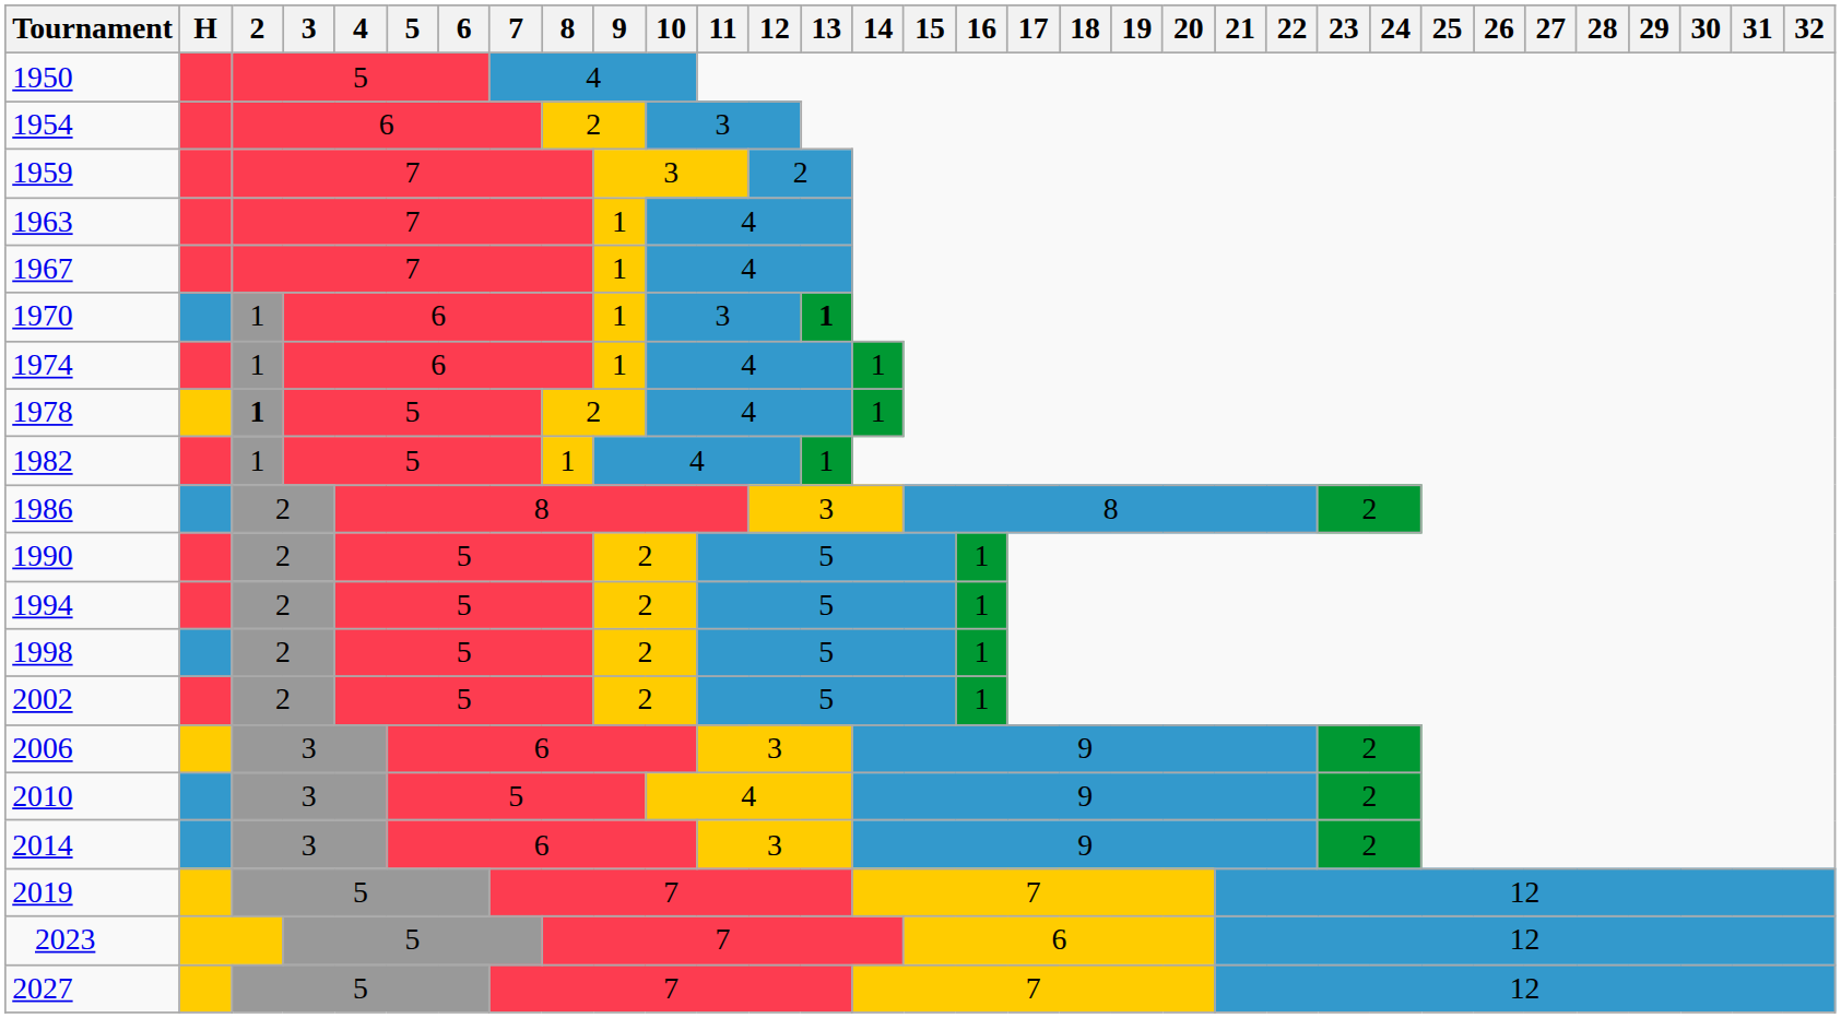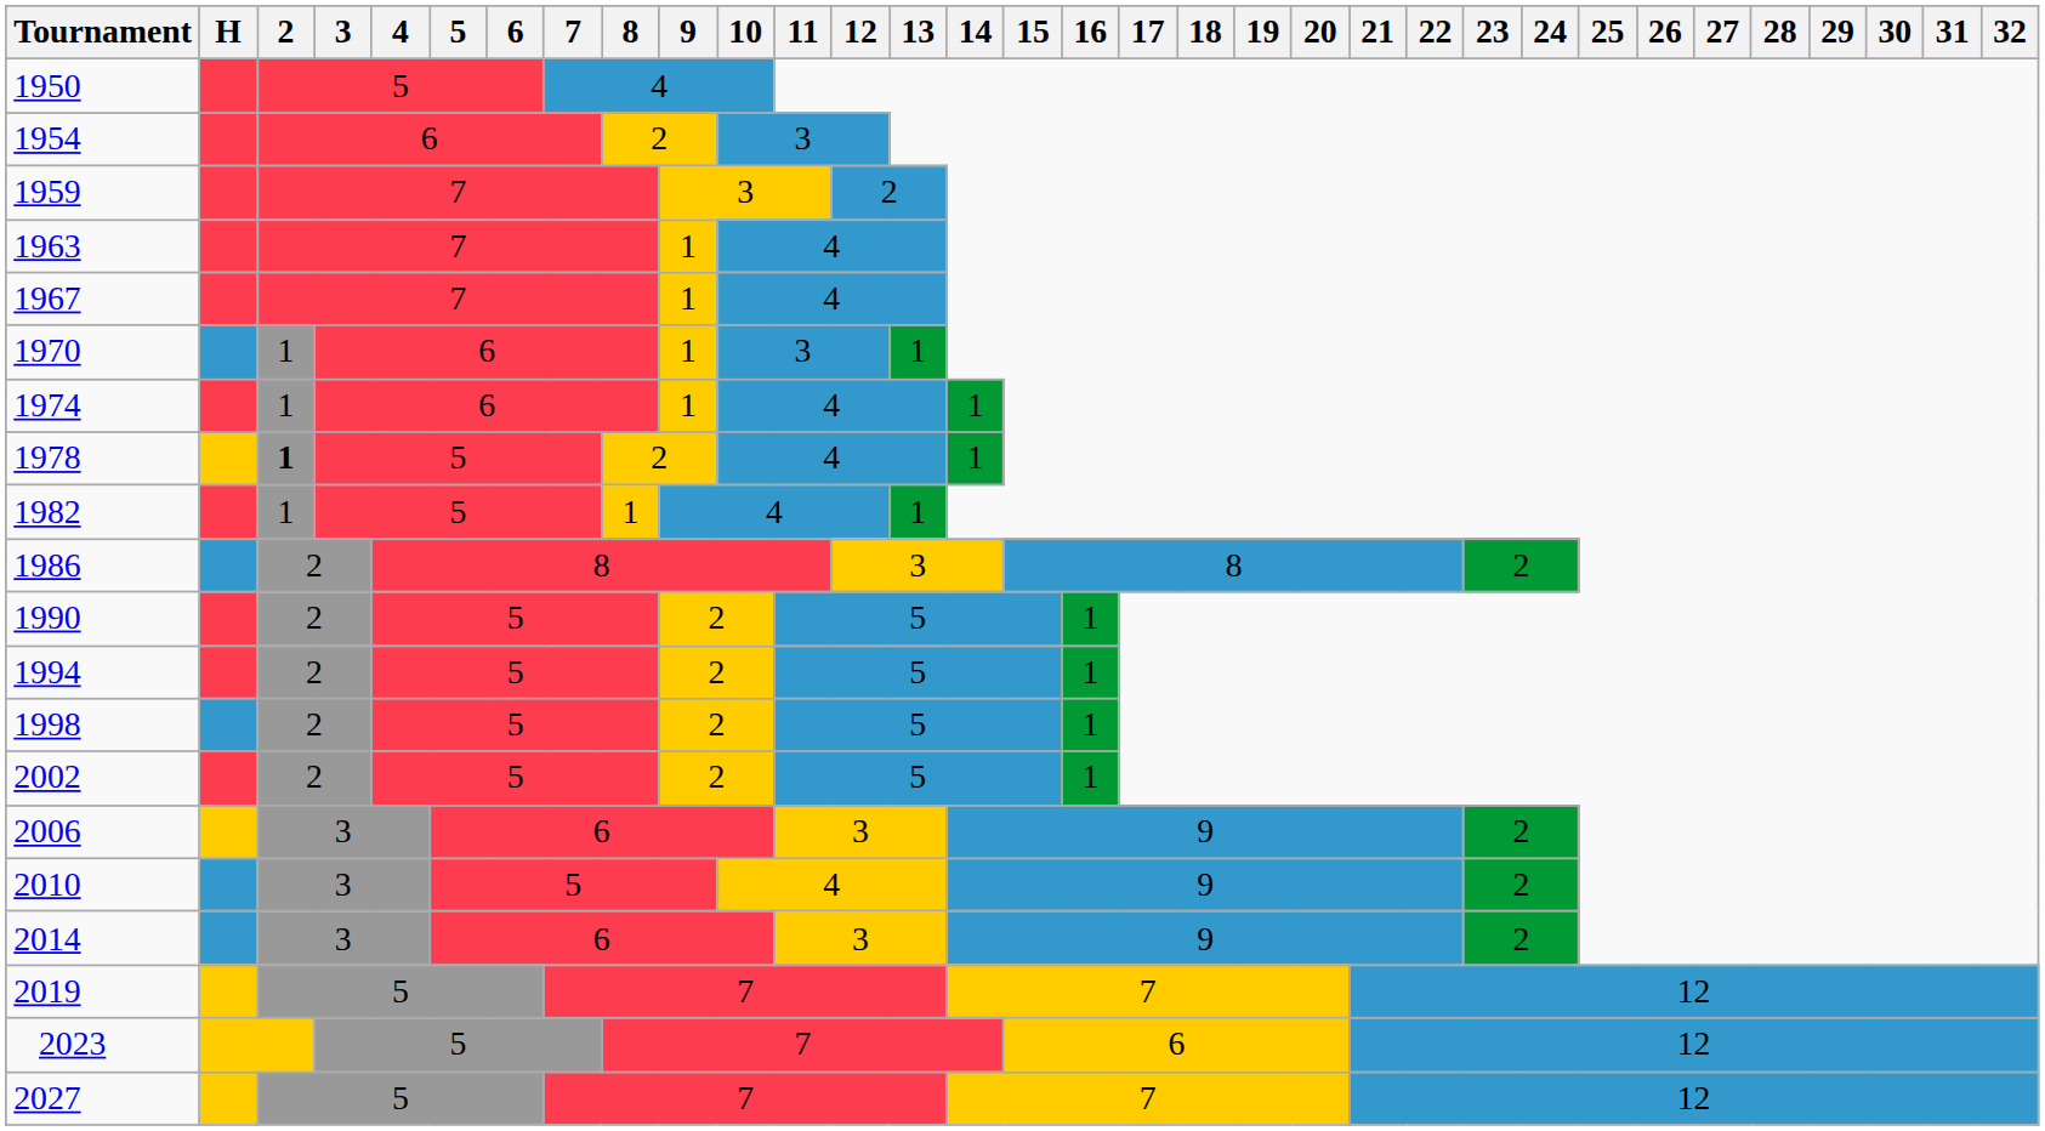 <table class=wikitable style="text-align:center">
 <tr>
 <th>Tournament</th>
 <th width=20px>H</th>
 <th width=20px>2</th>
 <th width=20px>3</th>
 <th width=20px>4</th>
 <th width=20px>5</th>
 <th width=20px>6</th>
 <th width=20px>7</th>
 <th width=20px>8</th>
 <th width=20px>9</th>
 <th width=20px>10</th>
 <th width=20px>11</th>
 <th width=20px>12</th>
 <th width=20px>13</th>
 <th width=20px>14</th>
 <th width=20px>15</th>
 <th width=20px>16</th>
 <th width=20px>17</th>
 <th width=20px>18</th>
 <th width=20px>19</th>
 <th width=20px>20</th>
 <th width=20px>21</th>
 <th width=20px>22</th>
 <th width=20px>23</th>
 <th width=20px>24</th>
 <th width=20px>25</th>
 <th width=20px>26</th>
 <th width=20px>27</th>
 <th width=20px>28</th>
 <th width=20px>29</th>
 <th width=20px>30</th>
 <th width=20px>31</th>
 <th width=20px>32</th>
 </tr>
 <tr>
 <td align=left> <a href='#'>1950</a></td>
 <td bgcolor=#fd3c50></td>
 <td colspan=5 bgcolor=#fd3c50>5</td>
 <td colspan=4 bgcolor=#3399cc>4</td>
 </tr>
 <tr>
 <td align=left> <a href='#'>1954</a></td>
 <td bgcolor=#fd3c50></td>
 <td colspan=6 bgcolor=#fd3c50>6</td>
 <td colspan=2 bgcolor=#ffcc00>2</td>
 <td colspan=3 bgcolor=#3399cc>3</td>
 </tr>
 <tr>
 <td align=left> <a href='#'>1959</a></td>
 <td bgcolor=#fd3c50></td>
 <td colspan=7 bgcolor=#fd3c50>7</td>
 <td colspan=3 bgcolor=#ffcc00>3</td>
 <td colspan=2 bgcolor=#3399cc>2</td>
 </tr>
 <tr>
 <td align=left> <a href='#'>1963</a></td>
 <td bgcolor=#fd3c50></td>
 <td colspan=7 bgcolor=#fd3c50>7</td>
 <td bgcolor=#ffcc00>1</td>
 <td colspan=4 bgcolor=#3399cc>4</td>
 </tr>
 <tr>
 <td align=left> <a href='#'>1967</a></td>
 <td bgcolor=#fd3c50></td>
 <td colspan=7 bgcolor=#fd3c50>7</td>
 <td bgcolor=#ffcc00>1</td>
 <td colspan=4 bgcolor=#3399cc>4</td>
 </tr>
 <tr>
 <td align=left> <a href='#'>1970</a></td>
 <td bgcolor=#3399cc></td>
 <td bgcolor=#999999>1</td>
 <td colspan=6 bgcolor=#fd3c50>6</td>
 <td bgcolor=#ffcc00>1</td>
 <td colspan=3 bgcolor=#3399cc>3</td>
-<td bgcolor=#009933><strong>1</strong></td>
+<td bgcolor=#009933>1</td>
 </tr>
 <tr>
 <td align=left> <a href='#'>1974</a></td>
 <td bgcolor=#fd3c50></td>
 <td bgcolor=#999999>1</td>
 <td colspan=6 bgcolor=#fd3c50>6</td>
 <td bgcolor=#ffcc00>1</td>
 <td colspan=4 bgcolor=#3399cc>4</td>
 <td bgcolor=#009933>1</td>
 </tr>
 <tr>
 <td align=left> <a href='#'>1978</a></td>
 <td bgcolor=#ffcc00></td>
 <td bgcolor=#999999><strong>1</strong></td>
 <td colspan=5 bgcolor=#fd3c50>5</td>
 <td colspan=2 bgcolor=#ffcc00>2</td>
 <td colspan=4 bgcolor=#3399cc>4</td>
 <td bgcolor=#009933>1</td>
 </tr>
 <tr>
 <td align=left> <a href='#'>1982</a></td>
 <td bgcolor=#fd3c50></td>
 <td bgcolor=#999999>1</td>
 <td colspan=5 bgcolor=#fd3c50>5</td>
 <td bgcolor=#ffcc00>1</td>
 <td colspan=4 bgcolor=#3399cc>4</td>
 <td bgcolor=#009933>1</td>
 </tr>
 <tr>
 <td align=left> <a href='#'>1986</a></td>
 <td bgcolor=#3399cc></td>
 <td colspan=2 bgcolor=#999999>2</td>
 <td colspan=8 bgcolor=#fd3c50>8</td>
 <td colspan=3 bgcolor=#ffcc00>3</td>
 <td colspan=8 bgcolor=#3399cc>8</td>
 <td colspan=2 bgcolor=#009933>2</td>
 </tr>
 <tr>
 <td align=left> <a href='#'>1990</a></td>
 <td bgcolor=#fd3c50></td>
 <td colspan=2 bgcolor=#999999>2</td>
 <td colspan=5 bgcolor=#fd3c50>5</td>
 <td colspan=2 bgcolor=#ffcc00>2</td>
 <td colspan=5 bgcolor=#3399cc>5</td>
 <td bgcolor=#009933>1</td>
 </tr>
 <tr>
 <td align=left> <a href='#'>1994</a></td>
 <td bgcolor=#fd3c50></td>
 <td colspan=2 bgcolor=#999999>2</td>
 <td colspan=5 bgcolor=#fd3c50>5</td>
 <td colspan=2 bgcolor=#ffcc00>2</td>
 <td colspan=5 bgcolor=#3399cc>5</td>
 <td bgcolor=#009933>1</td>
 </tr>
 <tr>
 <td align=left> <a href='#'>1998</a></td>
 <td bgcolor=#3399cc></td>
 <td colspan=2 bgcolor=#999999>2</td>
 <td colspan=5 bgcolor=#fd3c50>5</td>
 <td colspan=2 bgcolor=#ffcc00>2</td>
 <td colspan=5 bgcolor=#3399cc>5</td>
 <td bgcolor=#009933>1</td>
 </tr>
 <tr>
 <td align=left> <a href='#'>2002</a></td>
 <td bgcolor=#fd3c50></td>
 <td colspan=2 bgcolor=#999999>2</td>
 <td colspan=5 bgcolor=#fd3c50>5</td>
 <td colspan=2 bgcolor=#ffcc00>2</td>
 <td colspan=5 bgcolor=#3399cc>5</td>
 <td bgcolor=#009933>1</td>
 </tr>
 <tr>
 <td align=left> <a href='#'>2006</a></td>
 <td bgcolor=#ffcc00></td>
 <td colspan=3 bgcolor=#999999>3</td>
 <td colspan=6 bgcolor=#fd3c50>6</td>
 <td colspan=3 bgcolor=#ffcc00>3</td>
 <td colspan=9 bgcolor=#3399cc>9</td>
 <td colspan=2 bgcolor=#009933>2</td>
 </tr>
 <tr>
 <td align=left> <a href='#'>2010</a></td>
 <td bgcolor=#3399cc></td>
 <td colspan=3 bgcolor=#999999>3</td>
 <td colspan=5 bgcolor=#fd3c50>5</td>
 <td colspan=4 bgcolor=#ffcc00>4</td>
 <td colspan=9 bgcolor=#3399cc>9</td>
 <td colspan=2 bgcolor=#009933>2</td>
 </tr>
 <tr>
 <td align=left> <a href='#'>2014</a></td>
 <td bgcolor=#3399cc></td>
 <td colspan=3 bgcolor=#999999>3</td>
 <td colspan=6 bgcolor=#fd3c50>6</td>
 <td colspan=3 bgcolor=#ffcc00>3</td>
 <td colspan=9 bgcolor=#3399cc>9</td>
 <td colspan=2 bgcolor=#009933>2</td>
 </tr>
 <tr>
 <td align=left> <a href='#'>2019</a></td>
 <td bgcolor=#ffcc00></td>
 <td colspan=5 bgcolor=#999999>5</td>
 <td colspan=7 bgcolor=#fd3c50>7</td>
 <td colspan=7 bgcolor=#ffcc00>7</td>
 <td colspan=12 bgcolor=#3399cc>12</td>
 </tr>
 <tr>
 <td align=left>   <a href='#'>2023</a></td>
 <td colspan=2 bgcolor=#ffcc00></td>
 <td colspan=5 bgcolor=#999999>5</td>
 <td colspan=7 bgcolor=#fd3c50>7</td>
 <td colspan=6 bgcolor=#ffcc00>6</td>
 <td colspan=12 bgcolor=#3399cc>12</td>
 </tr>
 <tr>
 <td align=left> <a href='#'>2027</a></td>
 <td bgcolor=#ffcc00></td>
 <td colspan=5 bgcolor=#999999>5</td>
 <td colspan=7 bgcolor=#fd3c50>7</td>
 <td colspan=7 bgcolor=#ffcc00>7</td>
 <td colspan=12 bgcolor=#3399cc>12</td>
 </tr>
 </table>
